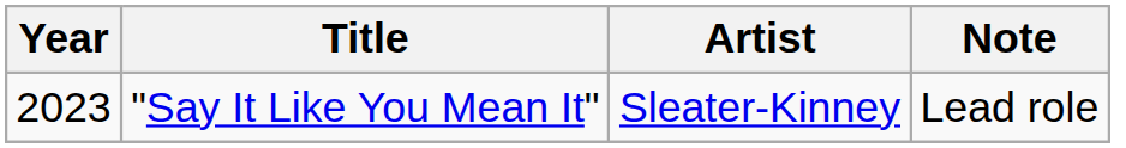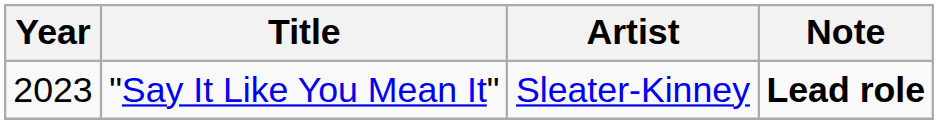 <table class="wikitable">
 <tr>
 <th>Year</th>
 <th>Title</th>
 <th>Artist</th>
 <th>Note</th>
 </tr>
 <tr>
 <td>2023</td>
 <td>"<a href='#'>Say It Like You Mean It</a>"</td>
 <td><a href='#'>Sleater-Kinney</a></td>
-<td>Lead role</td>
+<td><strong>Lead role</strong></td>
 </tr>
 <tr>
 </tr>
 </table>
